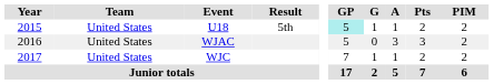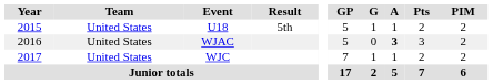 <table border="0" cellpadding="1" cellspacing="0" style="text-align:center; width:40em">
 <tr ALIGN="center" bgcolor="#e0e0e0">
 <th>Year</th>
 <th>Team</th>
 <th>Event</th>
 <th>Result</th>
 <th rowspan="99" bgcolor="#ffffff"> </th>
 <th>GP</th>
 <th>G</th>
 <th>A</th>
 <th>Pts</th>
 <th>PIM</th>
 </tr>
 <tr>
 <td><a href='#'>2015</a></td>
 <td><a href='#'>United States</a></td>
 <td><a href='#'>U18</a></td>
 <td>5th</td>
-<td style="background: paleturquoise;">5</td>
+<td>5</td>
 <td>1</td>
 <td>1</td>
 <td>2</td>
 <td>2</td>
 </tr>
 <tr bgcolor="#f0f0f0">
 <td>2016</td>
 <td>United States</td>
 <td><a href='#'>WJAC</a></td>
 <td></td>
 <td>5</td>
 <td>0</td>
-<td>3</td>
+<td><strong>3</strong></td>
 <td>3</td>
 <td>2</td>
 </tr>
 <tr>
 <td><a href='#'>2017</a></td>
 <td><a href='#'>United States</a></td>
 <td><a href='#'>WJC</a></td>
 <td></td>
 <td>7</td>
 <td>1</td>
 <td>1</td>
 <td>2</td>
 <td>2</td>
 </tr>
 <tr bgcolor="#e0e0e0">
 <th colspan="4">Junior totals</th>
 <th>17</th>
 <th>2</th>
 <th>5</th>
 <th>7</th>
 <th>6</th>
 </tr>
 </table>
